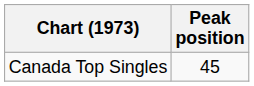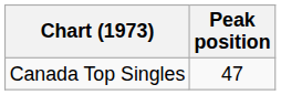 <table class="wikitable sortable">
 <tr>
 <th>Chart (1973)</th>
 <th>Peak<br>position</th>
 </tr>
 <tr>
 <td>Canada Top Singles</td>
-<td align="center">45</td>
+<td align="center">47</td>
 </tr>
 </table>
